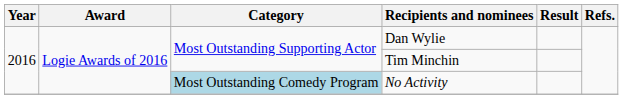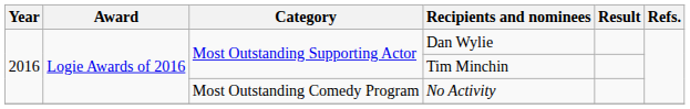 <table class="wikitable">
 <tr>
 <th>Year</th>
 <th>Award</th>
 <th>Category</th>
 <th>Recipients and nominees</th>
 <th>Result</th>
 <th>Refs.</th>
 </tr>
 <tr>
 <td rowspan="3">2016</td>
 <td rowspan="3"><a href='#'>Logie Awards of 2016</a></td>
 <td rowspan="2"><a href='#'>Most Outstanding Supporting Actor</a></td>
 <td>Dan Wylie</td>
 <td></td>
 <td rowspan="3"></td>
 </tr>
 <tr>
 <td>Tim Minchin</td>
 <td></td>
 </tr>
 <tr>
-<td style="background: lightblue;">Most Outstanding Comedy Program</td>
+<td>Most Outstanding Comedy Program</td>
 <td><em>No Activity</em></td>
 <td></td>
 </tr>
 <tr>
 </tr>
 </table>
